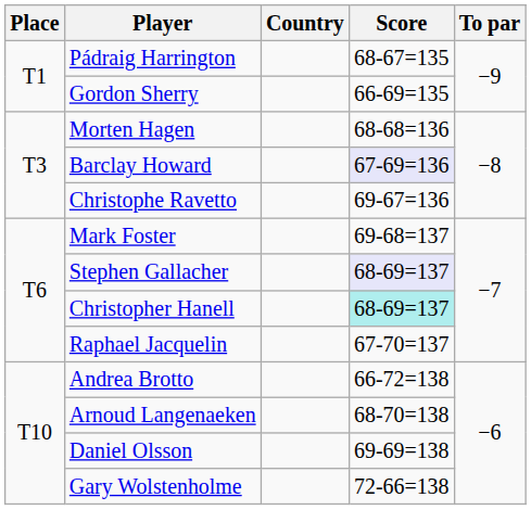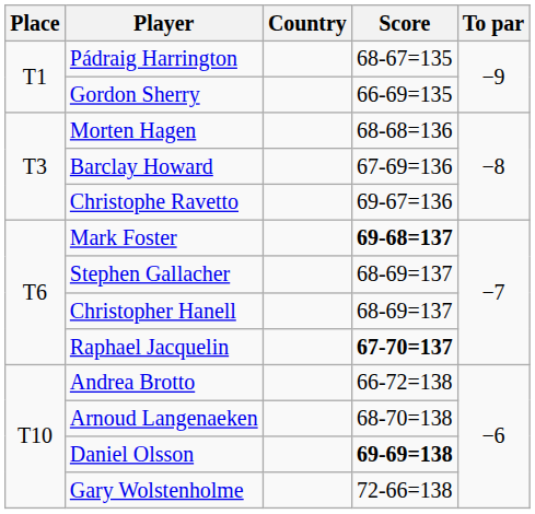 <table class="wikitable" style="font-size:95%;">
 <tr>
 <th>Place</th>
 <th>Player</th>
 <th>Country</th>
 <th>Score</th>
 <th>To par</th>
 </tr>
 <tr>
 <td rowspan="2" align="center">T1</td>
 <td><a href='#'>Pádraig Harrington</a></td>
 <td></td>
 <td align=center>68-67=135</td>
 <td rowspan="2" align="center">−9</td>
 </tr>
 <tr>
 <td><a href='#'>Gordon Sherry</a></td>
 <td></td>
 <td>66-69=135</td>
 </tr>
 <tr>
 <td rowspan="3" align="center">T3</td>
 <td><a href='#'>Morten Hagen</a></td>
 <td></td>
 <td align="center">68-68=136</td>
 <td rowspan="3" align="center">−8</td>
 </tr>
 <tr>
 <td><a href='#'>Barclay Howard</a></td>
 <td></td>
-<td style="background: lavender;">67-69=136</td>
+<td>67-69=136</td>
 </tr>
 <tr>
 <td><a href='#'>Christophe Ravetto</a></td>
 <td></td>
 <td>69-67=136</td>
 </tr>
 <tr>
 <td rowspan="4" align="center">T6</td>
 <td><a href='#'>Mark Foster</a></td>
 <td></td>
-<td align="center">69-68=137</td>
+<td align="center"><strong>69-68=137</strong></td>
 <td rowspan="4" align="center">−7</td>
 </tr>
 <tr>
 <td><a href='#'>Stephen Gallacher</a></td>
 <td></td>
-<td align="center" style="background: lavender;">68-69=137</td>
+<td align="center">68-69=137</td>
 </tr>
 <tr>
 <td><a href='#'>Christopher Hanell</a></td>
 <td></td>
-<td style="background: paleturquoise;">68-69=137</td>
+<td>68-69=137</td>
 </tr>
 <tr>
 <td><a href='#'>Raphael Jacquelin</a></td>
 <td></td>
-<td>67-70=137</td>
+<td><strong>67-70=137</strong></td>
 </tr>
 <tr>
 <td rowspan="4" align="center">T10</td>
 <td><a href='#'>Andrea Brotto</a></td>
 <td></td>
 <td align="center">66-72=138</td>
 <td rowspan="4" align="center">−6</td>
 </tr>
 <tr>
 <td><a href='#'>Arnoud Langenaeken</a></td>
 <td></td>
 <td align="center">68-70=138</td>
 </tr>
 <tr>
 <td><a href='#'>Daniel Olsson</a></td>
 <td></td>
-<td>69-69=138</td>
+<td><strong>69-69=138</strong></td>
 </tr>
 <tr>
 <td><a href='#'>Gary Wolstenholme</a></td>
 <td></td>
 <td>72-66=138</td>
 </tr>
 </table>
